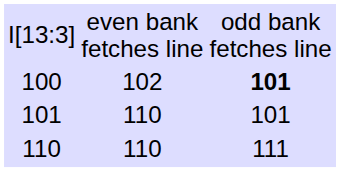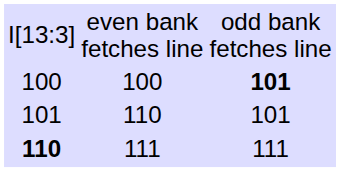 <table style="float:right; margin: 0 0 1em 1em; background:#ddddff;">
 <tr>
 <td align="center">I[13:3]</td>
 <td align="center">even bank<br>fetches line</td>
 <td align="center">odd bank<br>fetches line</td>
 </tr>
 <tr>
 <td align="center">100</td>
-<td align="center">102</td>
+<td align="center">100</td>
 <td align="center"><strong>101</strong></td>
 </tr>
 <tr>
 <td align="center">101</td>
 <td align="center">110</td>
 <td align="center">101</td>
 </tr>
 <tr>
-<td align="center">110</td>
-<td align="center">110</td>
+<td align="center"><strong>110</strong></td>
+<td align="center">111</td>
 <td align="center">111</td>
 </tr>
 </table>
